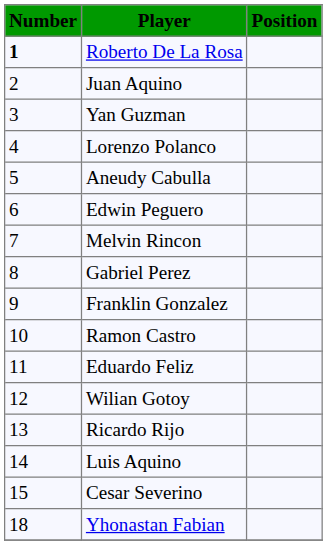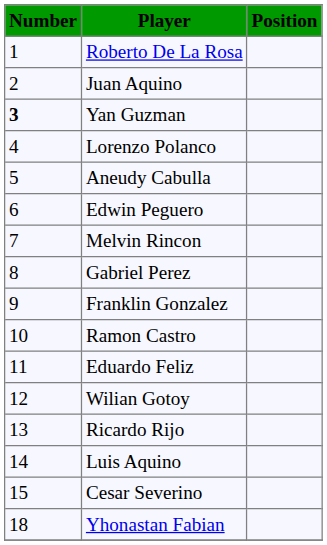 <table bgcolor="#f7f8ff" cellpadding="3" cellspacing="0" border="1" style="font-size: 95%; border: gray solid 1px; border-collapse: collapse;">
 <tr bgcolor="#009900">
 <td align=center><strong>Number</strong></td>
 <td align=center><strong>Player</strong></td>
 <td align=center><strong>Position</strong></td>
 </tr>
 <tr align=left>
-<td><strong>1</strong></td>
+<td>1</td>
 <td> <a href='#'>Roberto De La Rosa</a></td>
 <td></td>
 </tr>
 <tr align=left>
 <td>2</td>
 <td> Juan Aquino</td>
 <td></td>
 </tr>
 <tr align="left">
-<td>3</td>
+<td><strong>3</strong></td>
 <td> Yan Guzman</td>
 <td></td>
 </tr>
 <tr align="left">
 <td>4</td>
 <td> Lorenzo Polanco</td>
 <td></td>
 </tr>
 <tr align="left">
 <td>5</td>
 <td> Aneudy Cabulla</td>
 <td></td>
 </tr>
 <tr align="left">
 <td>6</td>
 <td> Edwin Peguero</td>
 <td></td>
 </tr>
 <tr align="left">
 <td>7</td>
 <td> Melvin Rincon</td>
 <td></td>
 </tr>
 <tr align="left">
 <td>8</td>
 <td> Gabriel Perez</td>
 <td></td>
 </tr>
 <tr align="left">
 <td>9</td>
 <td> Franklin Gonzalez</td>
 <td></td>
 </tr>
 <tr align="left">
 <td>10</td>
 <td> Ramon Castro</td>
 <td></td>
 </tr>
 <tr align="left">
 <td>11</td>
 <td> Eduardo Feliz</td>
 <td></td>
 </tr>
 <tr align="left">
 <td>12</td>
 <td> Wilian Gotoy</td>
 <td></td>
 </tr>
 <tr align="left">
 <td>13</td>
 <td> Ricardo Rijo</td>
 <td></td>
 </tr>
 <tr align="left">
 <td>14</td>
 <td> Luis Aquino</td>
 <td></td>
 </tr>
 <tr align="left">
 <td>15</td>
 <td> Cesar Severino</td>
 <td></td>
 </tr>
 <tr align="left">
 <td>18</td>
 <td> <a href='#'>Yhonastan Fabian</a></td>
 <td></td>
 </tr>
 <tr align="left">
 </tr>
 </table>
